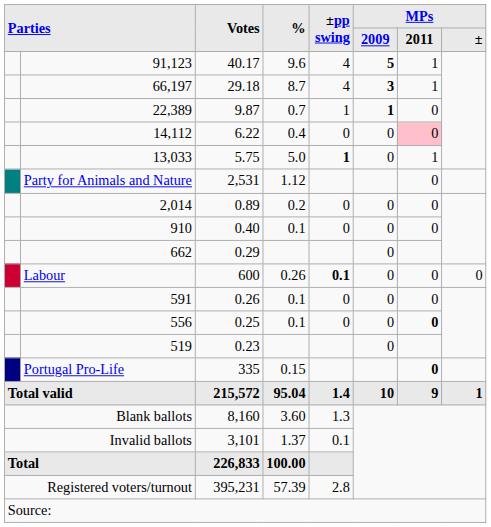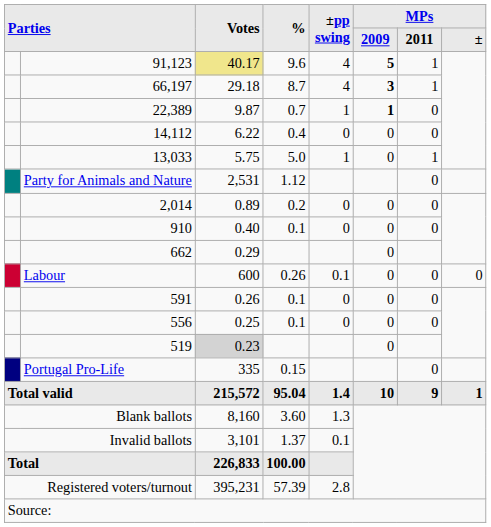 <table class="wikitable" style="text-align:right; font-size:95%;">
 <tr>
 <th rowspan="2" colspan="2" style="background:#e9e9e9; text-align:left;" alignleft><a href='#'>Parties</a></th>
 <th rowspan="2" style="background:#e9e9e9; text-align:right;">Votes</th>
 <th rowspan="2" style="background:#e9e9e9; text-align:right;">%</th>
 <th rowspan="2" style="background:#e9e9e9; text-align:right;">±<a href='#'>pp</a> <a href='#'>swing</a></th>
 <th colspan="3" style="background:#e9e9e9; text-align:center;"><a href='#'>MPs</a></th>
 </tr>
 <tr style="background-color:#E9E9E9">
 <th style="background-color:#E9E9E9;text-align:center;"><a href='#'>2009</a></th>
 <th style="background-color:#E9E9E9;text-align:center;">2011</th>
 <th style="background:#e9e9e9; text-align:right;">±</th>
 </tr>
 <tr>
 <td></td>
 <td>91,123</td>
-<td>40.17</td>
+<td style="background: khaki;">40.17</td>
 <td>9.6</td>
 <td>4</td>
 <td><strong>5</strong></td>
 <td>1</td>
 </tr>
 <tr>
 <td></td>
 <td>66,197</td>
 <td>29.18</td>
 <td>8.7</td>
 <td>4</td>
 <td><strong>3</strong></td>
 <td>1</td>
 </tr>
 <tr>
 <td></td>
 <td>22,389</td>
 <td>9.87</td>
 <td>0.7</td>
 <td>1</td>
 <td><strong>1</strong></td>
 <td>0</td>
 </tr>
 <tr>
 <td></td>
 <td>14,112</td>
 <td>6.22</td>
 <td>0.4</td>
 <td>0</td>
 <td>0</td>
-<td style="background: pink;">0</td>
+<td>0</td>
 </tr>
 <tr>
 <td></td>
 <td>13,033</td>
 <td>5.75</td>
 <td>5.0</td>
-<td><strong>1</strong></td>
+<td>1</td>
 <td>0</td>
 <td>1</td>
 </tr>
 <tr>
 <td style="width: 10px" bgcolor="teal" align="center"></td>
 <td align="left"><a href='#'>Party for Animals and Nature</a></td>
 <td>2,531</td>
 <td>1.12</td>
 <td></td>
 <td></td>
 <td>0</td>
 <td></td>
 </tr>
 <tr>
 <td></td>
 <td>2,014</td>
 <td>0.89</td>
 <td>0.2</td>
 <td>0</td>
 <td>0</td>
 <td>0</td>
 </tr>
 <tr>
 <td></td>
 <td>910</td>
 <td>0.40</td>
 <td>0.1</td>
 <td>0</td>
 <td>0</td>
 <td>0</td>
 </tr>
 <tr>
 <td></td>
 <td>662</td>
 <td>0.29</td>
 <td></td>
 <td></td>
 <td>0</td>
 <td></td>
 </tr>
 <tr>
 <td style="width: 10px" bgcolor=#CC0033 align="center"></td>
 <td align=left><a href='#'>Labour</a></td>
 <td>600</td>
 <td>0.26</td>
-<td><strong>0.1</strong></td>
+<td>0.1</td>
 <td>0</td>
 <td>0</td>
 <td>0</td>
 </tr>
 <tr>
 <td></td>
 <td>591</td>
 <td>0.26</td>
 <td>0.1</td>
 <td>0</td>
 <td>0</td>
 <td>0</td>
 </tr>
 <tr>
 <td></td>
 <td>556</td>
 <td>0.25</td>
 <td>0.1</td>
 <td>0</td>
 <td>0</td>
-<td><strong>0</strong></td>
+<td>0</td>
 </tr>
 <tr>
 <td></td>
 <td>519</td>
-<td>0.23</td>
+<td style="background: lightgrey;">0.23</td>
 <td></td>
 <td></td>
 <td>0</td>
 <td></td>
 </tr>
 <tr>
 <td style="width:10px;background-color:#000080;text-align:center;"></td>
 <td style="text-align:left;"><a href='#'>Portugal Pro-Life</a></td>
 <td>335</td>
 <td>0.15</td>
 <td></td>
 <td></td>
-<td><strong>0</strong></td>
+<td>0</td>
 <td></td>
 </tr>
 <tr>
 <td colspan=2 align=left style="background-color:#E9E9E9"><strong>Total valid</strong></td>
 <td width="65" align="right" style="background-color:#E9E9E9"><strong>215,572</strong></td>
 <td width="40" align="right" style="background-color:#E9E9E9"><strong>95.04</strong></td>
 <td width="40" align="right" style="background-color:#E9E9E9"><strong>1.4</strong></td>
 <td width="40" align="right" style="background-color:#E9E9E9"><strong>10</strong></td>
 <td width="40" align="right" style="background-color:#E9E9E9"><strong>9</strong></td>
 <td width="40" align="right" style="background-color:#E9E9E9"><strong>1</strong></td>
 </tr>
 <tr>
 <td colspan=2>Blank ballots</td>
 <td>8,160</td>
 <td>3.60</td>
 <td>1.3</td>
 <td colspan=4 rowspan=4></td>
 </tr>
 <tr>
 <td colspan=2>Invalid ballots</td>
 <td>3,101</td>
 <td>1.37</td>
 <td>0.1</td>
 </tr>
 <tr>
 <td colspan=2 align=left style="background-color:#E9E9E9"><strong>Total</strong></td>
 <td width="50" align="right" style="background-color:#E9E9E9"><strong>226,833</strong></td>
 <td width="40" align="right" style="background-color:#E9E9E9"><strong>100.00</strong></td>
 <td width="40" align="right" style="background-color:#E9E9E9"></td>
 </tr>
 <tr>
 <td colspan=2>Registered voters/turnout</td>
 <td>395,231</td>
 <td>57.39</td>
 <td>2.8</td>
 </tr>
 <tr>
 <td colspan=11 align=left>Source: </td>
 </tr>
 </table>
